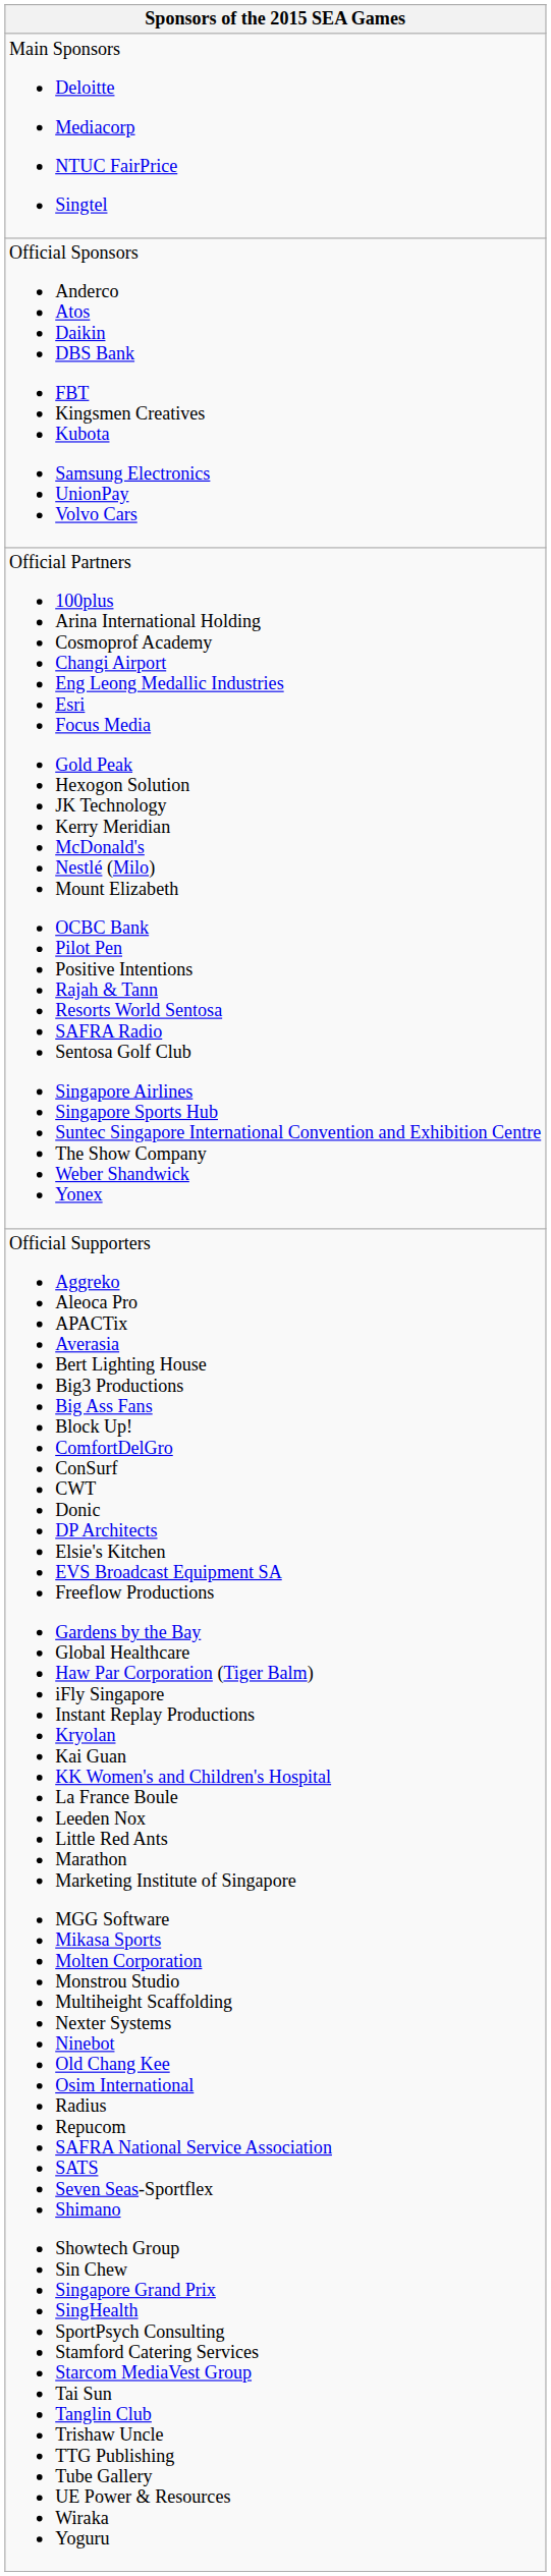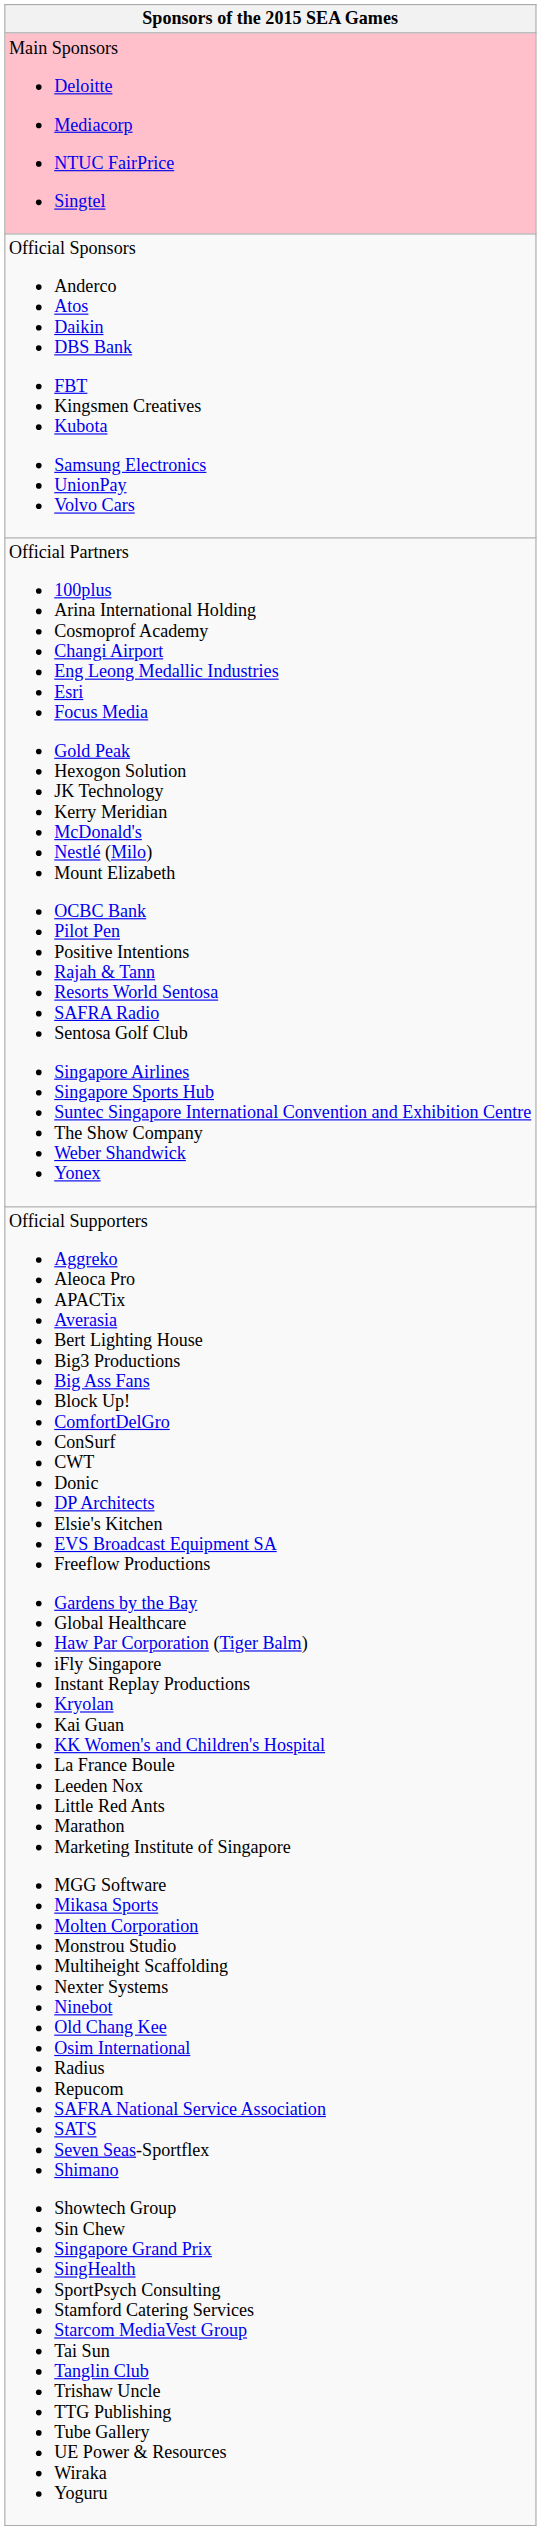 <table class="wikitable collapsible " style="float:center; margin:10px;">
 <tr>
 <th>Sponsors of the 2015 SEA Games</th>
 </tr>
 <tr>
-<td>Main Sponsors<br> <ul><li><a href='#'>Deloitte</a></li></ul><ul><li><a href='#'>Mediacorp</a></li></ul><ul><li><a href='#'>NTUC FairPrice</a></li></ul><ul><li><a href='#'>Singtel</a></li></ul></td>
+<td style="background: pink;">Main Sponsors<br> <ul><li><a href='#'>Deloitte</a></li></ul><ul><li><a href='#'>Mediacorp</a></li></ul><ul><li><a href='#'>NTUC FairPrice</a></li></ul><ul><li><a href='#'>Singtel</a></li></ul></td>
 </tr>
 <tr>
 <td>Official Sponsors<br> <ul><li>Anderco</li><li><a href='#'>Atos</a></li><li><a href='#'>Daikin</a></li><li><a href='#'>DBS Bank</a></li></ul><ul><li><a href='#'>FBT</a></li><li>Kingsmen Creatives</li><li><a href='#'>Kubota</a></li></ul><ul><li><a href='#'>Samsung Electronics</a></li><li><a href='#'>UnionPay</a></li><li><a href='#'>Volvo Cars</a></li></ul></td>
 </tr>
 <tr>
 <td>Official Partners<br> <ul><li><a href='#'>100plus</a></li><li>Arina International Holding</li><li>Cosmoprof Academy</li><li><a href='#'>Changi Airport</a></li><li><a href='#'>Eng Leong Medallic Industries</a></li><li><a href='#'>Esri</a></li><li><a href='#'>Focus Media</a></li></ul><ul><li><a href='#'>Gold Peak</a></li><li>Hexogon Solution</li><li>JK Technology</li><li>Kerry Meridian</li><li><a href='#'>McDonald's</a></li><li><a href='#'>Nestlé</a> (<a href='#'>Milo</a>)</li><li>Mount Elizabeth</li></ul><ul><li><a href='#'>OCBC Bank</a></li><li><a href='#'>Pilot Pen</a></li><li>Positive Intentions</li><li><a href='#'>Rajah & Tann</a></li><li><a href='#'>Resorts World Sentosa</a></li><li><a href='#'>SAFRA Radio</a></li><li>Sentosa Golf Club</li></ul><ul><li><a href='#'>Singapore Airlines</a></li><li><a href='#'>Singapore Sports Hub</a></li><li><a href='#'>Suntec Singapore International Convention and Exhibition Centre</a></li><li>The Show Company</li><li><a href='#'>Weber Shandwick</a></li><li><a href='#'>Yonex</a></li></ul></td>
 </tr>
 <tr>
 <td>Official Supporters<br> <ul><li><a href='#'>Aggreko</a></li><li>Aleoca Pro</li><li>APACTix</li><li><a href='#'>Averasia</a></li><li>Bert Lighting House</li><li>Big3 Productions</li><li><a href='#'>Big Ass Fans</a></li><li>Block Up!</li><li><a href='#'>ComfortDelGro</a></li><li>ConSurf</li><li>CWT</li><li>Donic</li><li><a href='#'>DP Architects</a></li><li>Elsie's Kitchen</li><li><a href='#'>EVS Broadcast Equipment SA</a></li><li>Freeflow Productions</li></ul><ul><li><a href='#'>Gardens by the Bay</a></li><li>Global Healthcare</li><li><a href='#'>Haw Par Corporation</a> (<a href='#'>Tiger Balm</a>)</li><li>iFly Singapore</li><li>Instant Replay Productions</li><li><a href='#'>Kryolan</a></li><li>Kai Guan</li><li><a href='#'>KK Women's and Children's Hospital</a></li><li>La France Boule</li><li>Leeden Nox</li><li>Little Red Ants</li><li>Marathon</li><li>Marketing Institute of Singapore</li></ul><ul><li>MGG Software</li><li><a href='#'>Mikasa Sports</a></li><li><a href='#'>Molten Corporation</a></li><li>Monstrou Studio</li><li>Multiheight Scaffolding</li><li>Nexter Systems</li><li><a href='#'>Ninebot</a></li><li><a href='#'>Old Chang Kee</a></li><li><a href='#'>Osim International</a></li><li>Radius</li><li>Repucom</li><li><a href='#'>SAFRA National Service Association</a></li><li><a href='#'>SATS</a></li><li><a href='#'>Seven Seas</a>-Sportflex</li><li><a href='#'>Shimano</a></li></ul><ul><li>Showtech Group</li><li>Sin Chew</li><li><a href='#'>Singapore Grand Prix</a></li><li><a href='#'>SingHealth</a></li><li>SportPsych Consulting</li><li>Stamford Catering Services</li><li><a href='#'>Starcom MediaVest Group</a></li><li>Tai Sun</li><li><a href='#'>Tanglin Club</a></li><li>Trishaw Uncle</li><li>TTG Publishing</li><li>Tube Gallery</li><li>UE Power & Resources</li><li>Wiraka</li><li>Yoguru</li></ul></td>
 </tr>
 </table>
